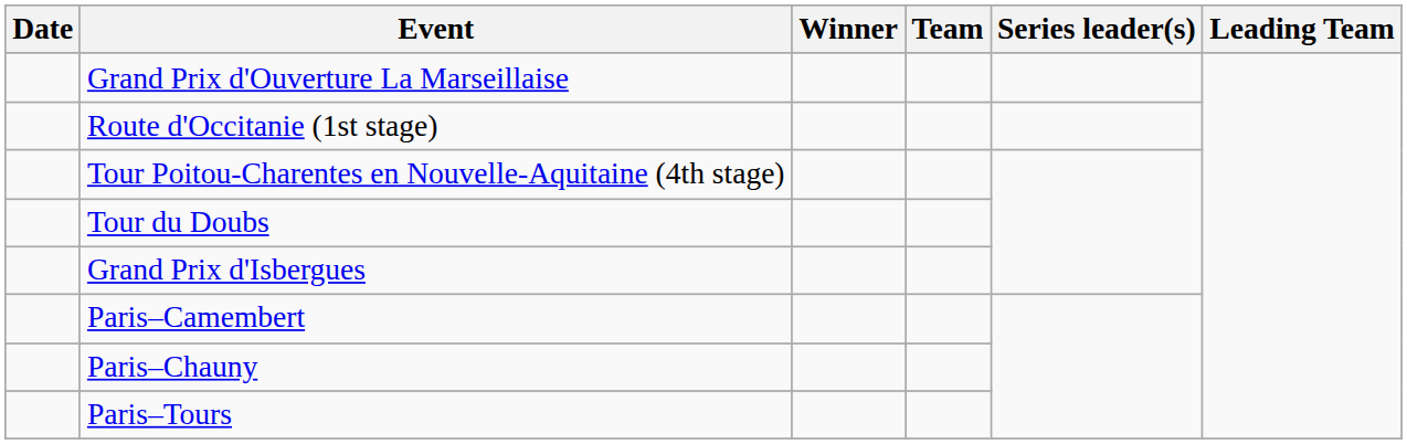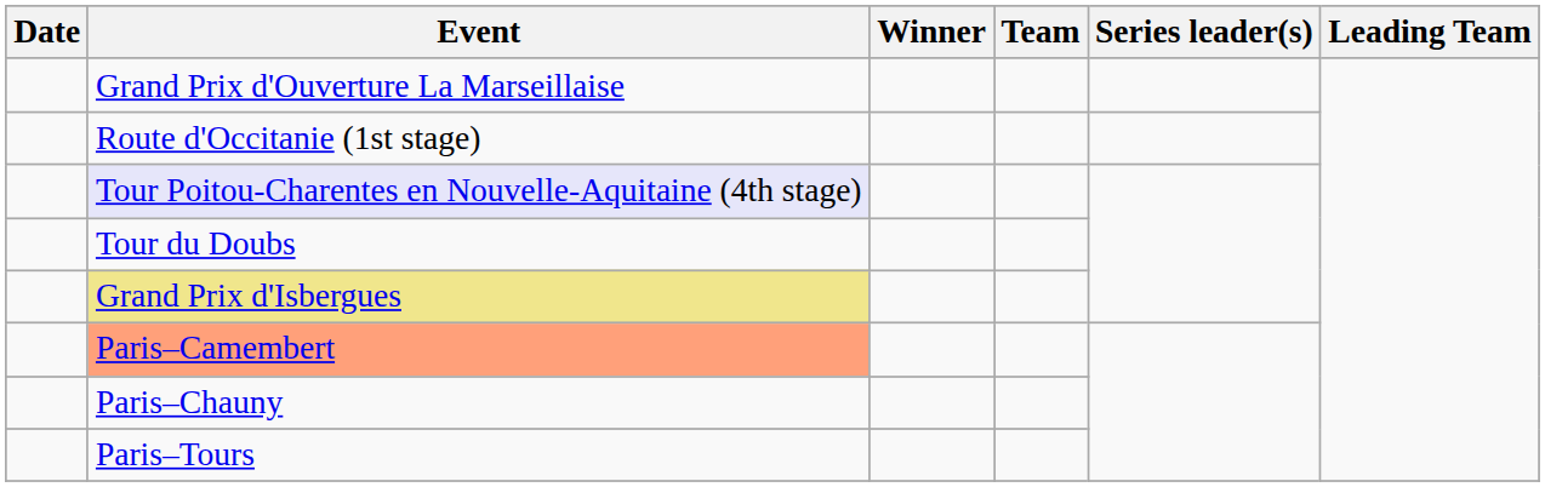 <table class="wikitable sortable">
 <tr>
 <th>Date</th>
 <th>Event</th>
 <th>Winner</th>
 <th>Team</th>
 <th class="unsortable">Series leader(s)</th>
 <th class="unsortable">Leading Team</th>
 </tr>
 <tr>
 <td></td>
 <td><a href='#'>Grand Prix d'Ouverture La Marseillaise</a></td>
 <td></td>
 <td></td>
 <td></td>
 <td rowspan=8></td>
 </tr>
 <tr>
 <td></td>
 <td><a href='#'>Route d'Occitanie</a> (1st stage)</td>
 <td></td>
 <td></td>
 <td><br></td>
 </tr>
 <tr>
 <td></td>
-<td><a href='#'>Tour Poitou-Charentes en Nouvelle-Aquitaine</a> (4th stage)</td>
+<td style="background: lavender;"><a href='#'>Tour Poitou-Charentes en Nouvelle-Aquitaine</a> (4th stage)</td>
 <td></td>
 <td></td>
 <td rowspan=3></td>
 </tr>
 <tr>
 <td></td>
 <td><a href='#'>Tour du Doubs</a></td>
 <td></td>
 <td></td>
 </tr>
 <tr>
 <td></td>
-<td><a href='#'>Grand Prix d'Isbergues</a></td>
+<td style="background: khaki;"><a href='#'>Grand Prix d'Isbergues</a></td>
 <td></td>
 <td></td>
 </tr>
 <tr>
 <td></td>
-<td><a href='#'>Paris–Camembert</a></td>
+<td style="background: lightsalmon;"><a href='#'>Paris–Camembert</a></td>
 <td></td>
 <td></td>
 <td rowspan=3></td>
 </tr>
 <tr>
 <td></td>
 <td><a href='#'>Paris–Chauny</a></td>
 <td></td>
 <td></td>
 </tr>
 <tr>
 <td></td>
 <td><a href='#'>Paris–Tours</a></td>
 <td></td>
 <td></td>
 </tr>
 </table>
